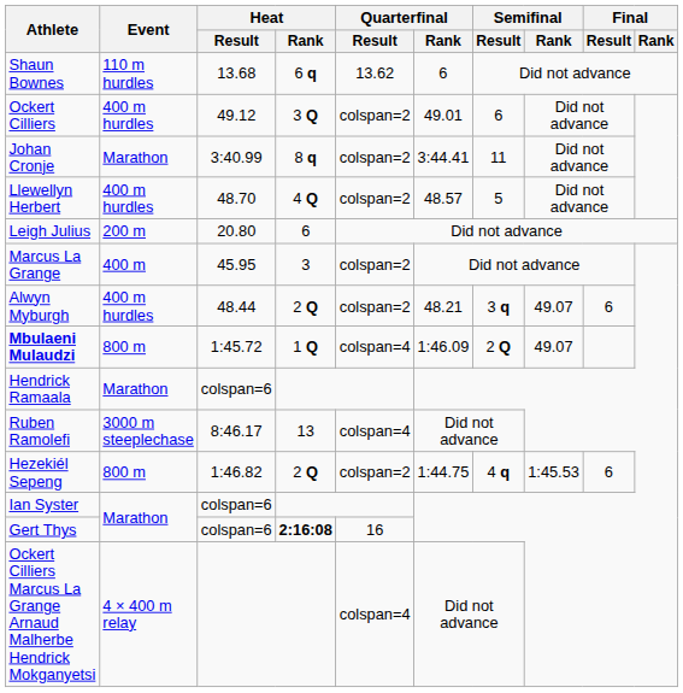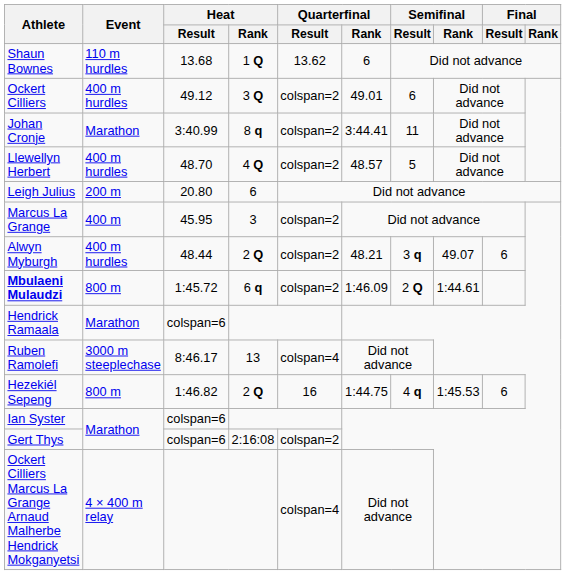 <table class=wikitable style="font-size:90%">
 <tr>
 <th rowspan="2">Athlete</th>
 <th rowspan="2">Event</th>
 <th colspan="2">Heat</th>
 <th colspan="2">Quarterfinal</th>
 <th colspan="2">Semifinal</th>
 <th colspan="2">Final</th>
 </tr>
 <tr style="font-size:95%">
 <th>Result</th>
 <th>Rank</th>
 <th>Result</th>
 <th>Rank</th>
 <th>Result</th>
 <th>Rank</th>
 <th>Result</th>
 <th>Rank</th>
 </tr>
 <tr align=center>
 <td align=left><a href='#'>Shaun Bownes</a></td>
 <td align=left><a href='#'>110 m hurdles</a></td>
 <td>13.68</td>
-<td>6 <strong>q</strong></td>
+<td>1 <strong>Q</strong></td>
 <td>13.62</td>
 <td>6</td>
 <td colspan=4>Did not advance</td>
 </tr>
 <tr align=center>
 <td align=left><a href='#'>Ockert Cilliers</a></td>
 <td align=left><a href='#'>400 m hurdles</a></td>
 <td>49.12</td>
 <td>3 <strong>Q</strong></td>
 <td>colspan=2 </td>
 <td>49.01</td>
 <td>6</td>
 <td colspan=2>Did not advance</td>
 </tr>
 <tr align=center>
 <td align=left><a href='#'>Johan Cronje</a></td>
 <td align=left><a href='#'>Marathon</a></td>
 <td>3:40.99</td>
 <td>8 <strong>q</strong></td>
 <td>colspan=2 </td>
 <td>3:44.41</td>
 <td>11</td>
 <td colspan=2>Did not advance</td>
 </tr>
 <tr align=center>
 <td align=left><a href='#'>Llewellyn Herbert</a></td>
 <td align=left><a href='#'>400 m hurdles</a></td>
 <td>48.70</td>
 <td>4 <strong>Q</strong></td>
 <td>colspan=2 </td>
 <td>48.57</td>
 <td>5</td>
 <td colspan=2>Did not advance</td>
 </tr>
 <tr align=center>
 <td align=left><a href='#'>Leigh Julius</a></td>
 <td align=left><a href='#'>200 m</a></td>
 <td>20.80</td>
 <td>6</td>
 <td colspan=6>Did not advance</td>
 </tr>
 <tr align=center>
 <td align=left><a href='#'>Marcus La Grange</a></td>
 <td align=left><a href='#'>400 m</a></td>
 <td>45.95</td>
 <td>3</td>
 <td>colspan=2 </td>
 <td colspan=4>Did not advance</td>
 </tr>
 <tr align=center>
 <td align=left><a href='#'>Alwyn Myburgh</a></td>
 <td align=left><a href='#'>400 m hurdles</a></td>
 <td>48.44</td>
 <td>2 <strong>Q</strong></td>
 <td>colspan=2 </td>
 <td>48.21</td>
 <td>3 <strong>q</strong></td>
 <td>49.07</td>
 <td>6</td>
 </tr>
 <tr align=center>
 <td align=left><strong><a href='#'>Mbulaeni Mulaudzi</a></strong></td>
 <td align=left><a href='#'>800 m</a></td>
 <td>1:45.72</td>
-<td>1 <strong>Q</strong></td>
-<td>colspan=4 </td>
+<td>6 <strong>q</strong></td>
+<td>colspan=2 </td>
 <td>1:46.09</td>
 <td>2 <strong>Q</strong></td>
-<td>49.07</td>
+<td>1:44.61</td>
 <td></td>
 </tr>
 <tr align=center>
 <td align=left><a href='#'>Hendrick Ramaala</a></td>
 <td align=left><a href='#'>Marathon</a></td>
 <td>colspan=6 </td>
 <td colspan=2></td>
 </tr>
 <tr align=center>
 <td align=left><a href='#'>Ruben Ramolefi</a></td>
 <td align=left><a href='#'>3000 m steeplechase</a></td>
 <td>8:46.17</td>
 <td>13</td>
 <td>colspan=4 </td>
 <td colspan=2>Did not advance</td>
 </tr>
 <tr align=center>
 <td align=left><a href='#'>Hezekiél Sepeng</a></td>
 <td align=left><a href='#'>800 m</a></td>
 <td>1:46.82</td>
 <td>2 <strong>Q</strong></td>
-<td>colspan=2 </td>
+<td>16</td>
 <td>1:44.75</td>
 <td>4 <strong>q</strong></td>
 <td>1:45.53</td>
 <td>6</td>
 </tr>
 <tr align=center>
 <td align=left><a href='#'>Ian Syster</a></td>
 <td align=left rowspan=2><a href='#'>Marathon</a></td>
 <td>colspan=6 </td>
 <td colspan=2></td>
 </tr>
 <tr align=center>
 <td align=left><a href='#'>Gert Thys</a></td>
 <td>colspan=6 </td>
-<td><strong>2:16:08</strong></td>
-<td>16</td>
+<td>2:16:08</td>
+<td>colspan=2 </td>
 </tr>
 <tr align=center>
 <td align=left><a href='#'>Ockert Cilliers</a><br><a href='#'>Marcus La Grange</a><br><a href='#'>Arnaud Malherbe</a><br><a href='#'>Hendrick Mokganyetsi</a></td>
 <td align=left><a href='#'>4 × 400 m relay</a></td>
 <td colspan=2></td>
 <td>colspan=4 </td>
 <td colspan=2>Did not advance</td>
 </tr>
 </table>
